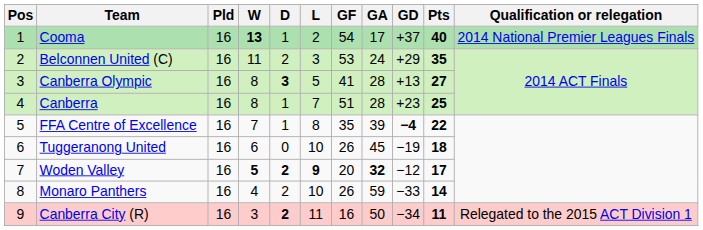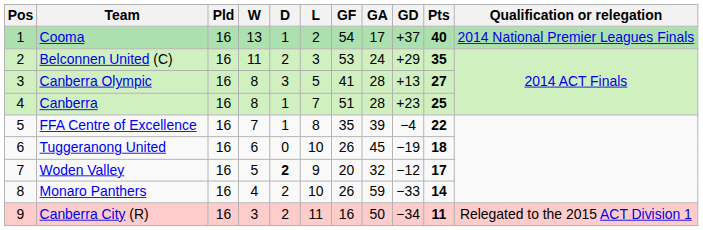 <table class="wikitable" style="text-align:center;">
 <tr>
 <th scope="col" width=28><abbr>Pos</abbr></th>
 <th scope="col" width=190>Team</th>
 <th scope="col" width=28><abbr>Pld</abbr></th>
 <th scope="col" width=28><abbr>W</abbr></th>
 <th scope="col" width=28><abbr>D</abbr></th>
 <th scope="col" width=28><abbr>L</abbr></th>
 <th scope="col" width=28><abbr>GF</abbr></th>
 <th scope="col" width=28><abbr>GA</abbr></th>
 <th scope="col" width=28><abbr>GD</abbr></th>
 <th scope="col" width=28><abbr>Pts</abbr></th>
 <th scope="col">Qualification or relegation</th>
 </tr>
 <tr>
 <th scope="row" style="text-align: center;font-weight: normal;background-color:#ACE1AF;">1</th>
 <td style="text-align: left; white-space:nowrap;font-weight: normal;background-color:#ACE1AF;"><a href='#'>Cooma</a></td>
 <td style="font-weight: normal;background-color:#ACE1AF;">16</td>
-<td style="font-weight: normal;background-color:#ACE1AF;"><strong>13</strong></td>
+<td style="font-weight: normal;background-color:#ACE1AF;">13</td>
 <td style="font-weight: normal;background-color:#ACE1AF;">1</td>
 <td style="font-weight: normal;background-color:#ACE1AF;">2</td>
 <td style="font-weight: normal;background-color:#ACE1AF;">54</td>
 <td style="font-weight: normal;background-color:#ACE1AF;">17</td>
 <td style="font-weight: normal;background-color:#ACE1AF;">+37</td>
 <td style="font-weight: bold;background-color:#ACE1AF;">40</td>
 <td style="font-weight: normal;background-color:#ACE1AF;" rowspan="1"><a href='#'>2014 National Premier Leagues Finals</a></td>
 </tr>
 <tr>
 <th scope="row" style="text-align: center;font-weight: normal;background-color:#D0F0C0;">2</th>
 <td style="text-align: left; white-space:nowrap;font-weight: normal;background-color:#D0F0C0;"><a href='#'>Belconnen United</a> <span>(C)</span></td>
 <td style="font-weight: normal;background-color:#D0F0C0;">16</td>
 <td style="font-weight: normal;background-color:#D0F0C0;">11</td>
 <td style="font-weight: normal;background-color:#D0F0C0;">2</td>
 <td style="font-weight: normal;background-color:#D0F0C0;">3</td>
 <td style="font-weight: normal;background-color:#D0F0C0;">53</td>
 <td style="font-weight: normal;background-color:#D0F0C0;">24</td>
 <td style="font-weight: normal;background-color:#D0F0C0;">+29</td>
 <td style="font-weight: bold;background-color:#D0F0C0;">35</td>
 <td style="font-weight: normal;background-color:#D0F0C0;" rowspan="3"><a href='#'>2014 ACT Finals</a></td>
 </tr>
 <tr>
 <th scope="row" style="text-align: center;font-weight: normal;background-color:#D0F0C0;">3</th>
 <td style="text-align: left; white-space:nowrap;font-weight: normal;background-color:#D0F0C0;"><a href='#'>Canberra Olympic</a></td>
 <td style="font-weight: normal;background-color:#D0F0C0;">16</td>
 <td style="font-weight: normal;background-color:#D0F0C0;">8</td>
-<td style="font-weight: normal;background-color:#D0F0C0;"><strong>3</strong></td>
+<td style="font-weight: normal;background-color:#D0F0C0;">3</td>
 <td style="font-weight: normal;background-color:#D0F0C0;">5</td>
 <td style="font-weight: normal;background-color:#D0F0C0;">41</td>
 <td style="font-weight: normal;background-color:#D0F0C0;">28</td>
 <td style="font-weight: normal;background-color:#D0F0C0;">+13</td>
 <td style="font-weight: bold;background-color:#D0F0C0;">27</td>
 </tr>
 <tr>
 <th scope="row" style="text-align: center;font-weight: normal;background-color:#D0F0C0;">4</th>
 <td style="text-align: left; white-space:nowrap;font-weight: normal;background-color:#D0F0C0;"><a href='#'>Canberra</a></td>
 <td style="font-weight: normal;background-color:#D0F0C0;">16</td>
 <td style="font-weight: normal;background-color:#D0F0C0;">8</td>
 <td style="font-weight: normal;background-color:#D0F0C0;">1</td>
 <td style="font-weight: normal;background-color:#D0F0C0;">7</td>
 <td style="font-weight: normal;background-color:#D0F0C0;">51</td>
 <td style="font-weight: normal;background-color:#D0F0C0;">28</td>
 <td style="font-weight: normal;background-color:#D0F0C0;">+23</td>
 <td style="font-weight: bold;background-color:#D0F0C0;">25</td>
 </tr>
 <tr>
 <th scope="row" style="text-align: center;font-weight: normal;background-color:transparent;">5</th>
 <td style="text-align: left; white-space:nowrap;font-weight: normal;background-color:transparent;"><a href='#'>FFA Centre of Excellence</a></td>
 <td style="font-weight: normal;background-color:transparent;">16</td>
 <td style="font-weight: normal;background-color:transparent;">7</td>
 <td style="font-weight: normal;background-color:transparent;">1</td>
 <td style="font-weight: normal;background-color:transparent;">8</td>
 <td style="font-weight: normal;background-color:transparent;">35</td>
 <td style="font-weight: normal;background-color:transparent;">39</td>
-<td style="font-weight: normal;background-color:transparent;"><strong>−4</strong></td>
+<td style="font-weight: normal;background-color:transparent;">−4</td>
 <td style="font-weight: bold;background-color:transparent;">22</td>
 <td style="font-weight: normal;background-color:transparent;" rowspan="4"></td>
 </tr>
 <tr>
 <th scope="row" style="text-align: center;font-weight: normal;background-color:transparent;">6</th>
 <td style="text-align: left; white-space:nowrap;font-weight: normal;background-color:transparent;"><a href='#'>Tuggeranong United</a></td>
 <td style="font-weight: normal;background-color:transparent;">16</td>
 <td style="font-weight: normal;background-color:transparent;">6</td>
 <td style="font-weight: normal;background-color:transparent;">0</td>
 <td style="font-weight: normal;background-color:transparent;">10</td>
 <td style="font-weight: normal;background-color:transparent;">26</td>
 <td style="font-weight: normal;background-color:transparent;">45</td>
 <td style="font-weight: normal;background-color:transparent;">−19</td>
 <td style="font-weight: bold;background-color:transparent;">18</td>
 </tr>
 <tr>
 <th scope="row" style="text-align: center;font-weight: normal;background-color:transparent;">7</th>
 <td style="text-align: left; white-space:nowrap;font-weight: normal;background-color:transparent;"><a href='#'>Woden Valley</a></td>
 <td style="font-weight: normal;background-color:transparent;">16</td>
-<td style="font-weight: normal;background-color:transparent;"><strong>5</strong></td>
+<td style="font-weight: normal;background-color:transparent;">5</td>
 <td style="font-weight: normal;background-color:transparent;"><strong>2</strong></td>
-<td style="font-weight: normal;background-color:transparent;"><strong>9</strong></td>
+<td style="font-weight: normal;background-color:transparent;">9</td>
 <td style="font-weight: normal;background-color:transparent;">20</td>
-<td style="font-weight: normal;background-color:transparent;"><strong>32</strong></td>
+<td style="font-weight: normal;background-color:transparent;">32</td>
 <td style="font-weight: normal;background-color:transparent;">−12</td>
 <td style="font-weight: bold;background-color:transparent;">17</td>
 </tr>
 <tr>
 <th scope="row" style="text-align: center;font-weight: normal;background-color:transparent;">8</th>
 <td style="text-align: left; white-space:nowrap;font-weight: normal;background-color:transparent;"><a href='#'>Monaro Panthers</a></td>
 <td style="font-weight: normal;background-color:transparent;">16</td>
 <td style="font-weight: normal;background-color:transparent;">4</td>
 <td style="font-weight: normal;background-color:transparent;">2</td>
 <td style="font-weight: normal;background-color:transparent;">10</td>
 <td style="font-weight: normal;background-color:transparent;">26</td>
 <td style="font-weight: normal;background-color:transparent;">59</td>
 <td style="font-weight: normal;background-color:transparent;">−33</td>
 <td style="font-weight: bold;background-color:transparent;">14</td>
 </tr>
 <tr>
 <th scope="row" style="text-align: center;font-weight: normal;background-color:#FFCCCC;">9</th>
 <td style="text-align: left; white-space:nowrap;font-weight: normal;background-color:#FFCCCC;"><a href='#'>Canberra City</a> <span>(R)</span></td>
 <td style="font-weight: normal;background-color:#FFCCCC;">16</td>
 <td style="font-weight: normal;background-color:#FFCCCC;">3</td>
-<td style="font-weight: normal;background-color:#FFCCCC;"><strong>2</strong></td>
+<td style="font-weight: normal;background-color:#FFCCCC;">2</td>
 <td style="font-weight: normal;background-color:#FFCCCC;">11</td>
 <td style="font-weight: normal;background-color:#FFCCCC;">16</td>
 <td style="font-weight: normal;background-color:#FFCCCC;">50</td>
 <td style="font-weight: normal;background-color:#FFCCCC;">−34</td>
 <td style="font-weight: bold;background-color:#FFCCCC;">11</td>
 <td style="font-weight: normal;background-color:#FFCCCC;" rowspan="1">Relegated to the 2015 <a href='#'>ACT Division 1</a></td>
 </tr>
 </table>
